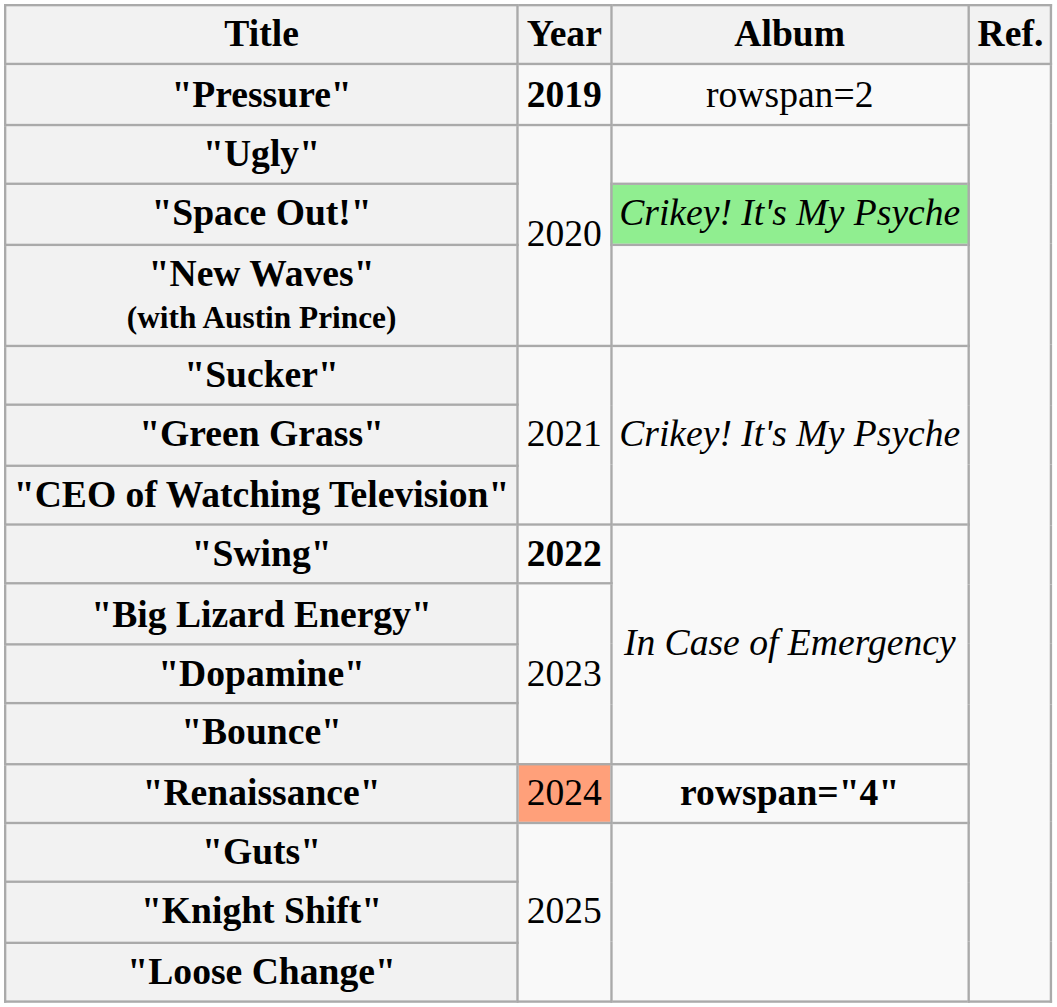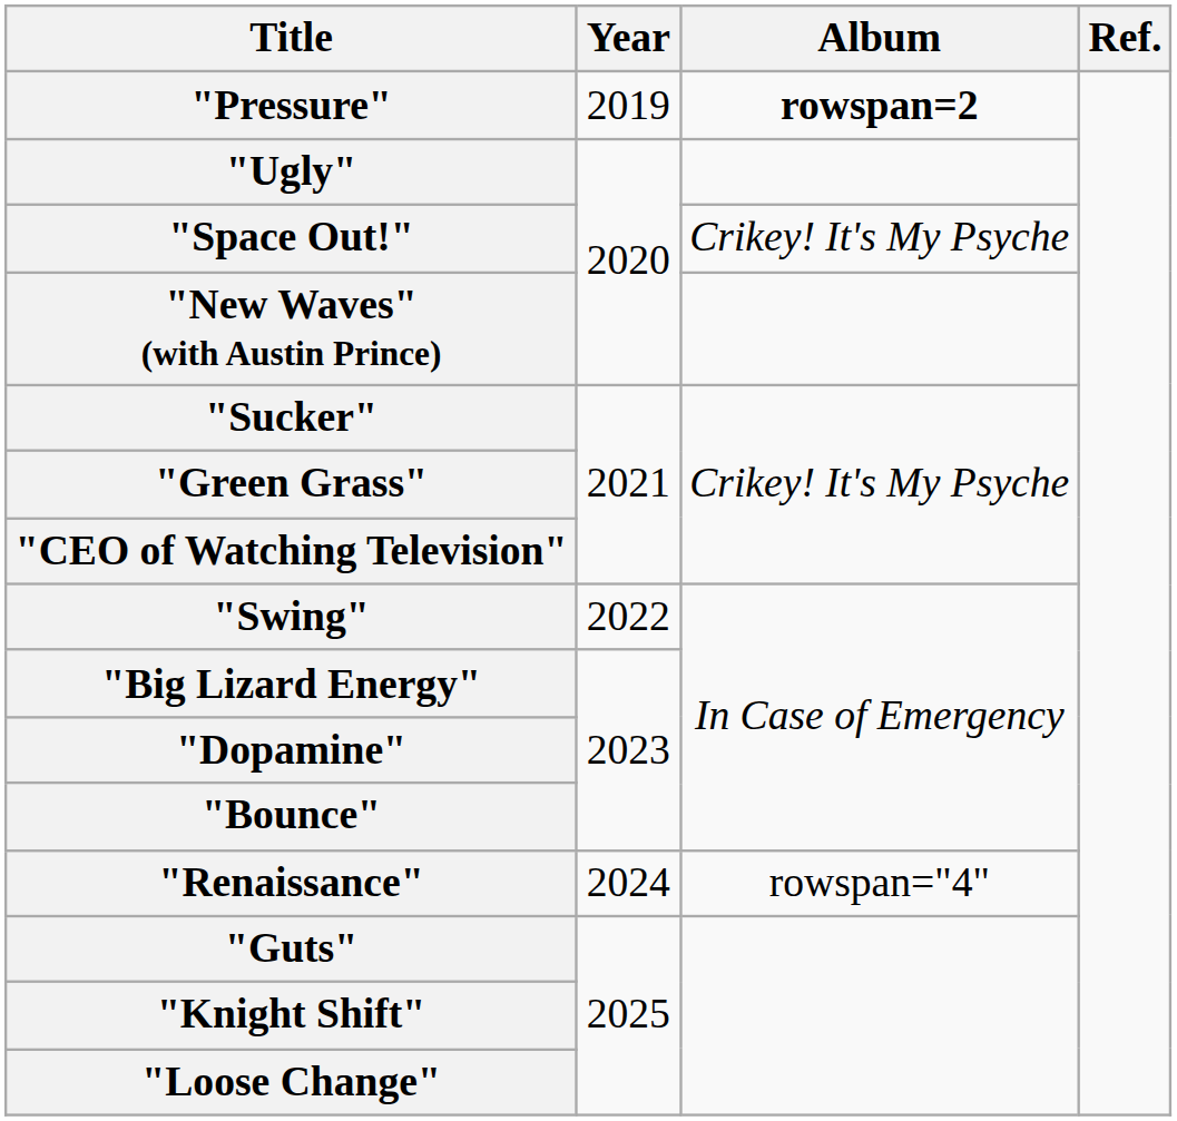 <table class="wikitable plainrowheaders" style="text-align:center;">
 <tr>
 <th scope="col">Title</th>
 <th scope="col">Year</th>
 <th scope="col">Album</th>
 <th>Ref.</th>
 </tr>
 <tr>
 <th scope="row">"Pressure"</th>
-<td><strong>2019</strong></td>
-<td>rowspan=2 </td>
+<td>2019</td>
+<td><strong>rowspan=2 </strong></td>
 <td rowspan="15"></td>
 </tr>
 <tr>
 <th scope="row">"Ugly"</th>
 <td rowspan="3">2020</td>
 </tr>
 <tr>
 <th scope="row">"Space Out!"</th>
-<td style="background: lightgreen;"><em>Crikey! It's My Psyche</em></td>
+<td><em>Crikey! It's My Psyche</em></td>
 </tr>
 <tr>
 <th scope="row">"New Waves"<br><small>(with Austin Prince)</small></th>
 <td></td>
 </tr>
 <tr>
 <th scope="row">"Sucker"</th>
 <td rowspan="3">2021</td>
 <td rowspan="3"><em>Crikey! It's My Psyche</em></td>
 </tr>
 <tr>
 <th scope="row">"Green Grass"</th>
 </tr>
 <tr>
 <th scope="row">"CEO of Watching Television"</th>
 </tr>
 <tr>
 <th scope="row">"Swing"</th>
-<td><strong>2022</strong></td>
+<td>2022</td>
 <td rowspan="4"><em>In Case of Emergency</em></td>
 </tr>
 <tr>
 <th scope="row">"Big Lizard Energy"</th>
 <td rowspan="3">2023</td>
 </tr>
 <tr>
 <th scope="row">"Dopamine"</th>
 </tr>
 <tr>
 <th scope="row">"Bounce"</th>
 </tr>
 <tr>
 <th scope="row">"Renaissance"</th>
-<td style="background: lightsalmon;">2024</td>
-<td><strong>rowspan="4" </strong></td>
+<td>2024</td>
+<td>rowspan="4" </td>
 </tr>
 <tr>
 <th scope="row">"Guts"</th>
 <td rowspan="3">2025</td>
 </tr>
 <tr>
 <th scope="row">"Knight Shift"</th>
 </tr>
 <tr>
 <th scope="row">"Loose Change"</th>
 </tr>
 </table>
